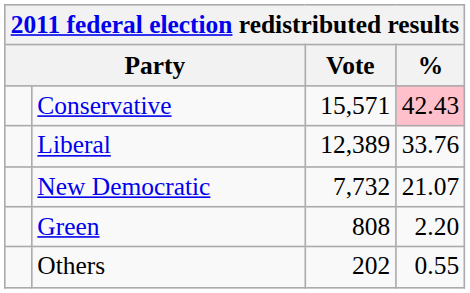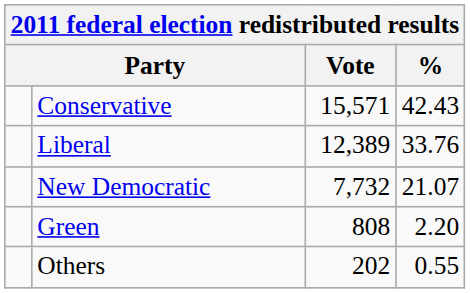 <table class="wikitable">
 <tr>
 <th colspan="4"><a href='#'>2011 federal election</a> redistributed results</th>
 </tr>
 <tr>
 <th bgcolor="#DDDDFF" width="130px" colspan="2">Party</th>
 <th bgcolor="#DDDDFF" width="50px">Vote</th>
 <th bgcolor="#DDDDFF" width="30px">%</th>
 </tr>
 <tr>
 <td> </td>
 <td><a href='#'>Conservative</a></td>
 <td align="right">15,571</td>
-<td align="right" style="background: pink;">42.43</td>
+<td align="right">42.43</td>
 </tr>
 <tr>
 <td> </td>
 <td><a href='#'>Liberal</a></td>
 <td align="right">12,389</td>
 <td align="right">33.76</td>
 </tr>
 <tr>
 <td> </td>
 <td><a href='#'>New Democratic</a></td>
 <td align="right">7,732</td>
 <td align="right">21.07</td>
 </tr>
 <tr>
 <td> </td>
 <td><a href='#'>Green</a></td>
 <td align="right">808</td>
 <td align="right">2.20</td>
 </tr>
 <tr>
 <td> </td>
 <td>Others</td>
 <td align="right">202</td>
 <td align="right">0.55</td>
 </tr>
 </table>
